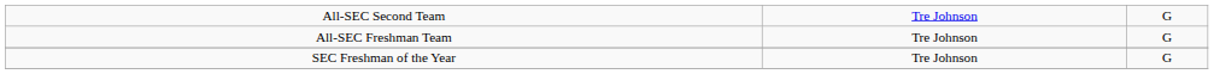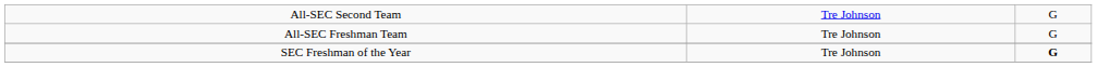 <table class="wikitable" style="width: 90%;text-align: center;">
 <tr align="center">
 <td rowspan="1">All-SEC Second Team</td>
 <td><a href='#'>Tre Johnson</a></td>
 <td>G</td>
 </tr>
 <tr align="center">
 <td rowspan="1">All-SEC Freshman Team</td>
 <td>Tre Johnson</td>
 <td>G</td>
 </tr>
 <tr>
 </tr>
 <tr align="center">
 <td rowspan="1">SEC Freshman of the Year</td>
 <td>Tre Johnson</td>
-<td>G</td>
+<td><strong>G</strong></td>
 </tr>
 <tr>
 </tr>
 </table>
